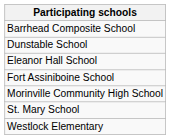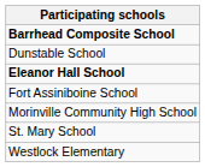 <table class="wikitable" align=right>
 <tr>
 <th>Participating schools</th>
 </tr>
 <tr>
-<td>Barrhead Composite School</td>
+<td><strong>Barrhead Composite School</strong></td>
 </tr>
 <tr>
 <td>Dunstable School</td>
 </tr>
 <tr>
-<td>Eleanor Hall School</td>
+<td><strong>Eleanor Hall School</strong></td>
 </tr>
 <tr>
 <td>Fort Assiniboine School</td>
 </tr>
 <tr>
 <td>Morinville Community High School</td>
 </tr>
 <tr>
 <td>St. Mary School</td>
 </tr>
 <tr>
 <td>Westlock Elementary</td>
 </tr>
 </table>
